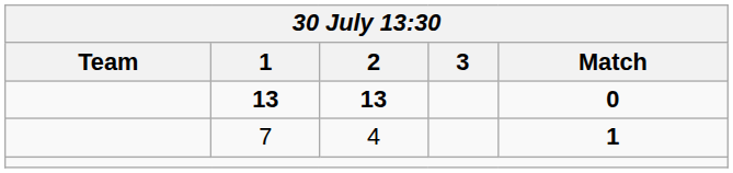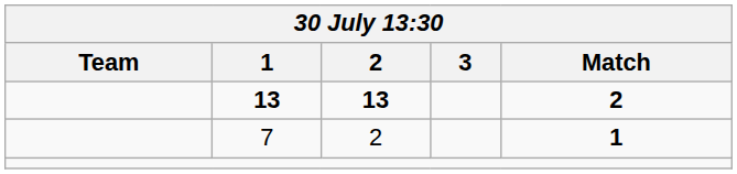 <table class=wikitable style="text-align:center; width: 55%">
 <tr>
 <th colspan=10><em>30 July 13:30</em></th>
 </tr>
 <tr>
 <th>Team</th>
 <th>1</th>
 <th>2</th>
 <th>3</th>
 <th>Match</th>
 </tr>
 <tr>
 <td align=left><strong><br></strong></td>
 <td><strong>13</strong></td>
 <td><strong>13</strong></td>
 <td></td>
-<td><strong>0</strong></td>
+<td><strong>2</strong></td>
 </tr>
 <tr>
 <td align=left><br></td>
 <td>7</td>
-<td>4</td>
+<td>2</td>
 <td></td>
 <td><strong>1</strong></td>
 </tr>
 <tr>
 <td colspan=10></td>
 </tr>
 </table>
